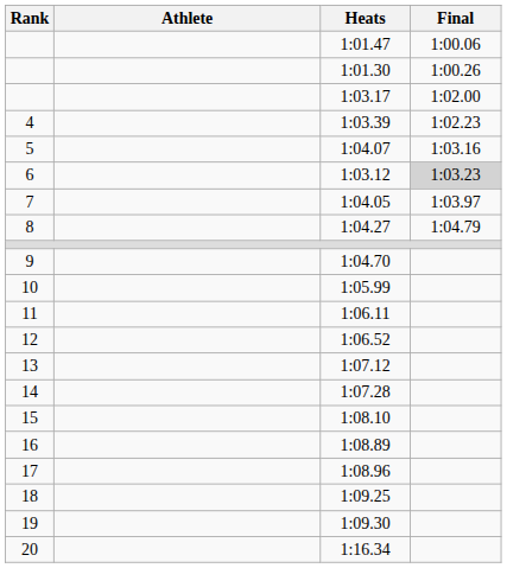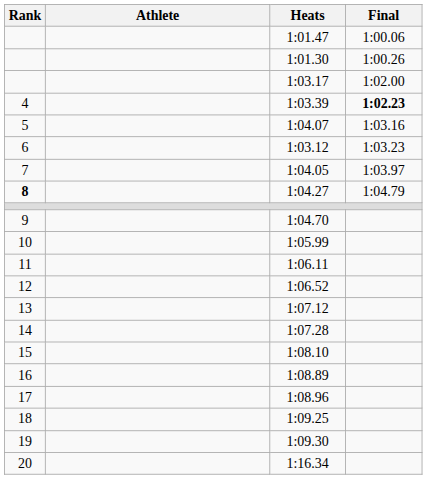 <table class=wikitable style="text-align:center">
 <tr>
 <th width=40>Rank</th>
 <th width=250>Athlete</th>
 <th width=80>Heats</th>
 <th width=80>Final</th>
 </tr>
 <tr>
 <td></td>
 <td align=left></td>
 <td>1:01.47</td>
 <td>1:00.06</td>
 </tr>
 <tr>
 <td></td>
 <td align=left></td>
 <td>1:01.30</td>
 <td>1:00.26</td>
 </tr>
 <tr>
 <td></td>
 <td align=left></td>
 <td>1:03.17</td>
 <td>1:02.00</td>
 </tr>
 <tr>
 <td>4</td>
 <td align=left></td>
 <td>1:03.39</td>
-<td>1:02.23</td>
+<td><strong>1:02.23</strong></td>
 </tr>
 <tr>
 <td>5</td>
 <td align=left></td>
 <td>1:04.07</td>
 <td>1:03.16</td>
 </tr>
 <tr>
 <td>6</td>
 <td align=left></td>
 <td>1:03.12</td>
-<td style="background: lightgrey;">1:03.23</td>
+<td>1:03.23</td>
 </tr>
 <tr>
 <td>7</td>
 <td align=left></td>
 <td>1:04.05</td>
 <td>1:03.97</td>
 </tr>
 <tr>
-<td>8</td>
+<td><strong>8</strong></td>
 <td align=left></td>
 <td>1:04.27</td>
 <td>1:04.79</td>
 </tr>
 <tr bgcolor=#DDDDDD>
 <td colspan=4></td>
 </tr>
 <tr>
 <td>9</td>
 <td align=left></td>
 <td>1:04.70</td>
 <td></td>
 </tr>
 <tr>
 <td>10</td>
 <td align=left></td>
 <td>1:05.99</td>
 <td></td>
 </tr>
 <tr>
 <td>11</td>
 <td align=left></td>
 <td>1:06.11</td>
 <td></td>
 </tr>
 <tr>
 <td>12</td>
 <td align=left></td>
 <td>1:06.52</td>
 <td></td>
 </tr>
 <tr>
 <td>13</td>
 <td align=left></td>
 <td>1:07.12</td>
 <td></td>
 </tr>
 <tr>
 <td>14</td>
 <td align=left></td>
 <td>1:07.28</td>
 <td></td>
 </tr>
 <tr>
 <td>15</td>
 <td align=left></td>
 <td>1:08.10</td>
 <td></td>
 </tr>
 <tr>
 <td>16</td>
 <td align=left></td>
 <td>1:08.89</td>
 <td></td>
 </tr>
 <tr>
 <td>17</td>
 <td align=left></td>
 <td>1:08.96</td>
 <td></td>
 </tr>
 <tr>
 <td>18</td>
 <td align=left></td>
 <td>1:09.25</td>
 <td></td>
 </tr>
 <tr>
 <td>19</td>
 <td align=left></td>
 <td>1:09.30</td>
 <td></td>
 </tr>
 <tr>
 <td>20</td>
 <td align=left></td>
 <td>1:16.34</td>
 <td></td>
 </tr>
 </table>
